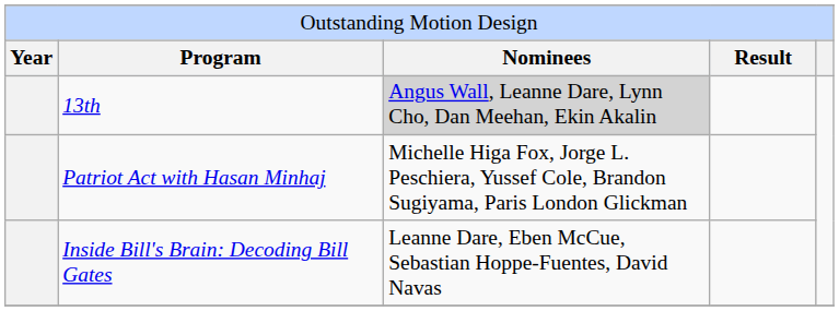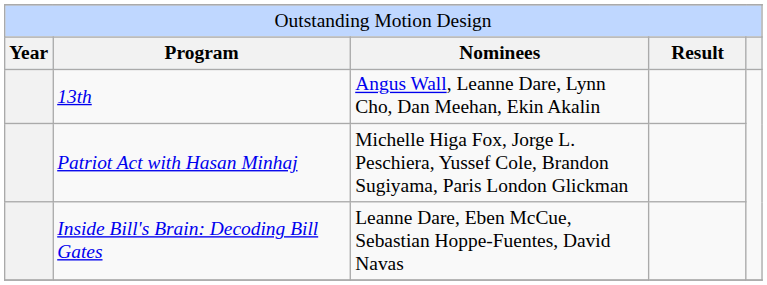 <table class="wikitable plainrowheaders" style="font-size: 90%" width=90%>
 <tr>
 </tr>
 <tr ---- bgcolor="#bfd7ff">
 <td colspan=6 align=center>Outstanding Motion Design</td>
 </tr>
 <tr ---- bgcolor="#ebf5ff">
 <th width="5%">Year</th>
 <th width="40%">Program</th>
 <th width="40%">Nominees</th>
 <th width="13%">Result</th>
 <th width="5%"></th>
 </tr>
 <tr>
 <th scope=row></th>
 <td><em><a href='#'>13th</a></em></td>
-<td style="background: lightgrey;"><a href='#'>Angus Wall</a>, Leanne Dare, Lynn Cho, Dan Meehan, Ekin Akalin</td>
+<td><a href='#'>Angus Wall</a>, Leanne Dare, Lynn Cho, Dan Meehan, Ekin Akalin</td>
 <td></td>
 <td rowspan="3"></td>
 </tr>
 <tr>
 <th scope=row></th>
 <td><em><a href='#'>Patriot Act with Hasan Minhaj</a></em></td>
 <td>Michelle Higa Fox, Jorge L. Peschiera, Yussef Cole, Brandon Sugiyama, Paris London Glickman</td>
 <td></td>
 </tr>
 <tr>
 <th scope=row></th>
 <td><em><a href='#'>Inside Bill's Brain: Decoding Bill Gates</a></em></td>
 <td>Leanne Dare, Eben McCue, Sebastian Hoppe-Fuentes, David Navas</td>
 <td></td>
 </tr>
 <tr>
 </tr>
 </table>
